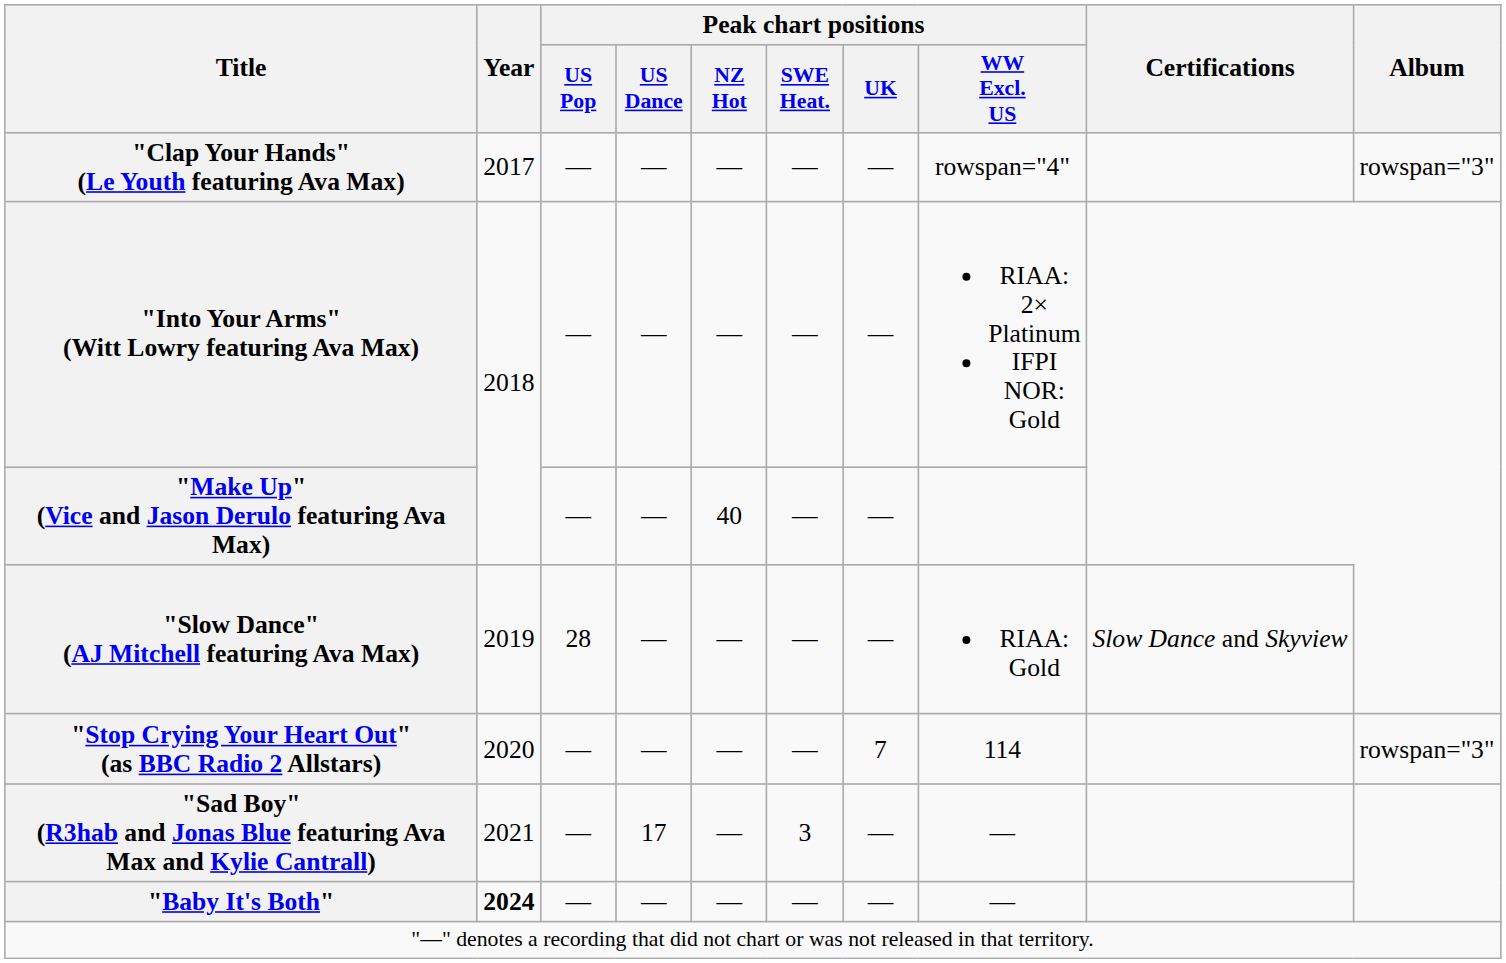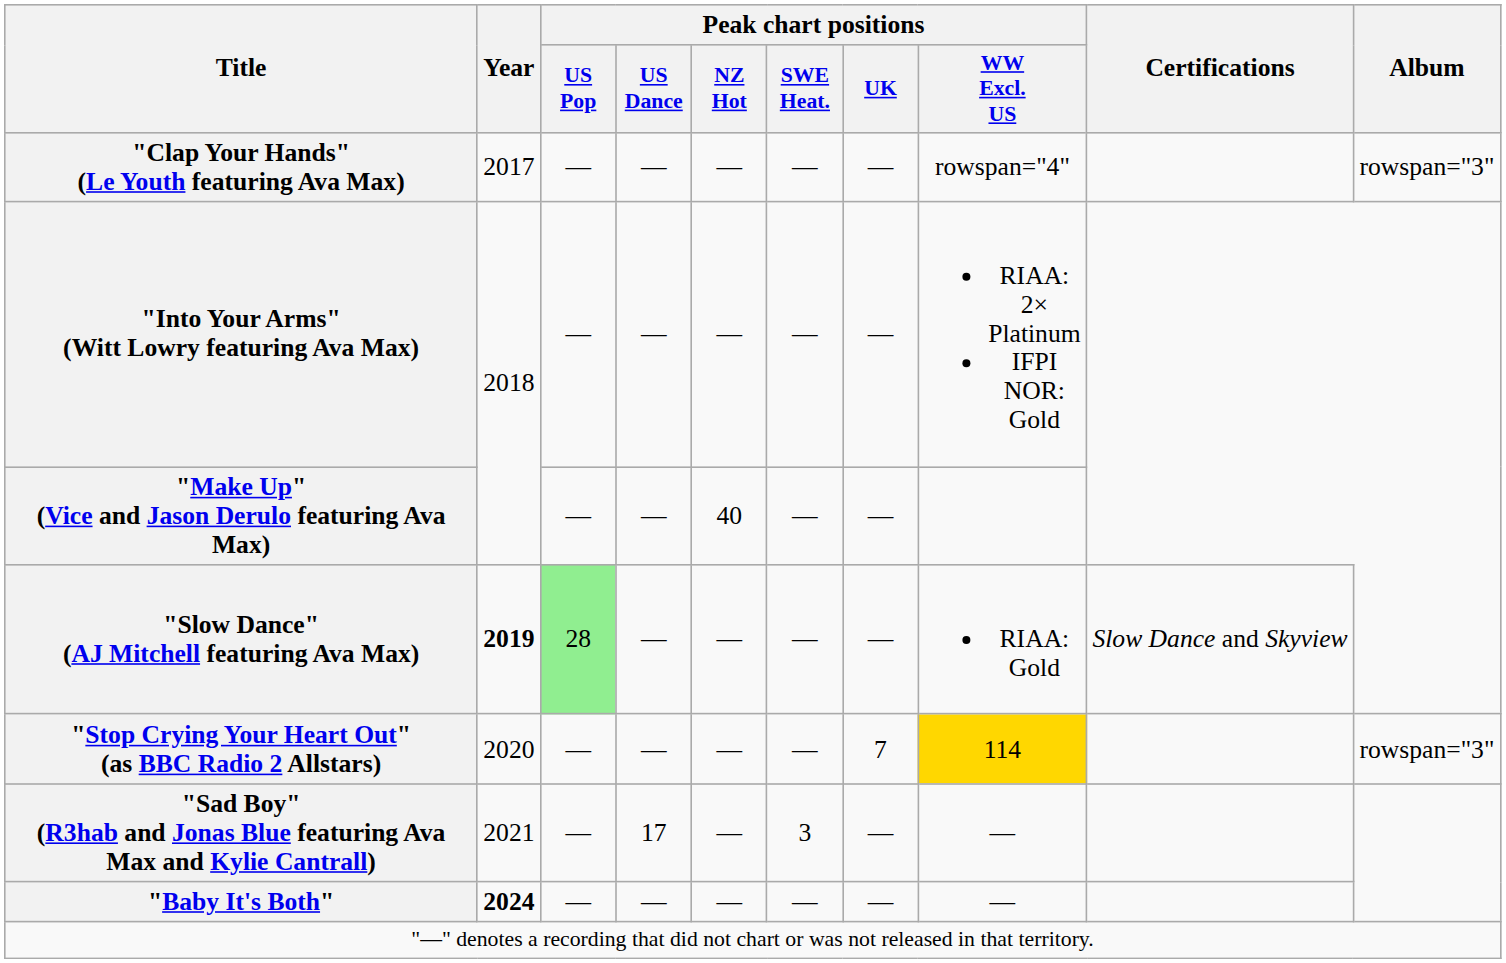 <table class="wikitable plainrowheaders" style="text-align:center;">
 <tr>
 <th scope="col" rowspan="2" style="width:18em;">Title</th>
 <th scope="col" rowspan="2" style="width:1em;">Year</th>
 <th scope="col" colspan="6">Peak chart positions</th>
 <th scope="col" rowspan="2">Certifications</th>
 <th scope="col" rowspan="2">Album</th>
 </tr>
 <tr>
 <th scope="col" style="width:3em;font-size:85%;"><a href='#'>US<br>Pop</a><br></th>
 <th scope="col" style="width:3em;font-size:85%;"><a href='#'>US<br>Dance</a><br></th>
 <th scope="col" style="width:3em;font-size:85%;"><a href='#'>NZ<br>Hot</a><br></th>
 <th scope="col" style="width:3em;font-size:85%;"><a href='#'>SWE<br>Heat.</a><br></th>
 <th scope="col" style="width:3em;font-size:85%;"><a href='#'>UK</a><br></th>
 <th scope="col" style="width:3em;font-size:85%;"><a href='#'>WW<br>Excl.<br>US</a><br></th>
 </tr>
 <tr>
 <th scope="row">"Clap Your Hands"<br><span>(<a href='#'>Le Youth</a> featuring Ava Max)</span></th>
 <td>2017</td>
 <td>—</td>
 <td>—</td>
 <td>—</td>
 <td>—</td>
 <td>—</td>
 <td>rowspan="4" </td>
 <td></td>
 <td>rowspan="3" </td>
 </tr>
 <tr>
 <th scope="row">"Into Your Arms"<br><span>(Witt Lowry featuring Ava Max)</span></th>
 <td rowspan="2">2018</td>
 <td>—</td>
 <td>—</td>
 <td>—</td>
 <td>—</td>
 <td>—</td>
 <td><br><ul><li>RIAA: 2× Platinum</li><li>IFPI NOR: Gold</li></ul></td>
 </tr>
 <tr>
 <th scope="row">"<a href='#'>Make Up</a>"<br><span>(<a href='#'>Vice</a> and <a href='#'>Jason Derulo</a> featuring Ava Max)</span></th>
 <td>—</td>
 <td>—</td>
 <td>40</td>
 <td>—</td>
 <td>—</td>
 <td></td>
 </tr>
 <tr>
 <th scope="row">"Slow Dance"<br><span>(<a href='#'>AJ Mitchell</a> featuring Ava Max)</span></th>
-<td>2019</td>
-<td>28</td>
+<td><strong>2019</strong></td>
+<td style="background: lightgreen;">28</td>
 <td>—</td>
 <td>—</td>
 <td>—</td>
 <td>—</td>
 <td><br><ul><li>RIAA: Gold</li></ul></td>
 <td><em>Slow Dance</em> and <em>Skyview</em></td>
 </tr>
 <tr>
 <th scope="row">"<a href='#'>Stop Crying Your Heart Out</a>"<br><span>(as <a href='#'>BBC Radio 2</a> Allstars)</span></th>
 <td>2020</td>
 <td>—</td>
 <td>—</td>
 <td>—</td>
 <td>—</td>
 <td>7</td>
-<td>114</td>
+<td style="background: gold;">114</td>
 <td></td>
 <td>rowspan="3" </td>
 </tr>
 <tr>
 <th scope="row">"Sad Boy"<br><span>(<a href='#'>R3hab</a> and <a href='#'>Jonas Blue</a> featuring Ava Max and <a href='#'>Kylie Cantrall</a>)</span></th>
 <td>2021</td>
 <td>—</td>
 <td>17</td>
 <td>—</td>
 <td>3</td>
 <td>—</td>
 <td>—</td>
 <td></td>
 </tr>
 <tr>
 <th scope="row">"<a href='#'>Baby It's Both</a>"<br></th>
 <td><strong>2024</strong></td>
 <td>—</td>
 <td>—</td>
 <td>—</td>
 <td>—</td>
 <td>—</td>
 <td>—</td>
 <td></td>
 </tr>
 <tr>
 <td colspan="10" style="font-size:85%;">"—" denotes a recording that did not chart or was not released in that territory.<br></td>
 </tr>
 </table>
